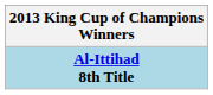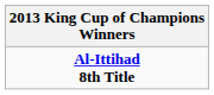 <table class="wikitable" style="text-align: center; margin: 0 auto;">
 <tr>
 <th>2013 King Cup of Champions <br>Winners</th>
 </tr>
 <tr>
-<td style="background: lightblue;"><strong><a href='#'>Al-Ittihad</a></strong><br><strong>8th Title</strong></td>
+<td><strong><a href='#'>Al-Ittihad</a></strong><br><strong>8th Title</strong></td>
 </tr>
 </table>
